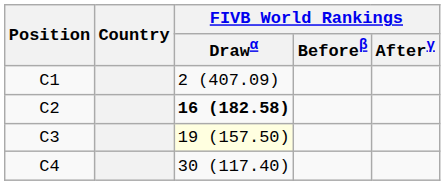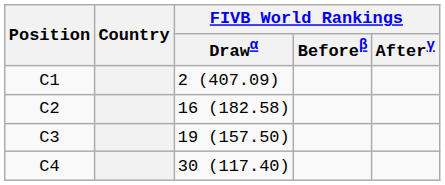 <table class="wikitable sortable plainrowheaders sticky-header col3right col4center col5center col6center" style="font-size:90%; white-space:nowrap">
 <tr>
 <th rowspan=2>Position</th>
 <th rowspan=2>Country</th>
 <th colspan=3><a href='#'>FIVB World Rankings</a></th>
 </tr>
 <tr>
 <th>Draw<sup><strong><a href='#'>α</a></strong></sup></th>
 <th>Before<sup><strong><a href='#'>β</a></strong></sup></th>
 <th>After<sup><strong><a href='#'>γ</a></strong></sup></th>
 </tr>
 <tr>
 <td style="text-align:center">C1</td>
 <th scope="row"></th>
 <td>2 (407.09)</td>
 <td></td>
 <td></td>
 </tr>
 <tr>
 <td style="text-align:center">C2</td>
 <th scope="row"></th>
-<td><strong>16 (182.58)</strong></td>
+<td>16 (182.58)</td>
 <td></td>
 <td></td>
 </tr>
 <tr>
 <td style="text-align:center">C3</td>
 <th scope="row"></th>
-<td style="background: lightyellow;">19 (157.50)</td>
+<td>19 (157.50)</td>
 <td></td>
 <td></td>
 </tr>
 <tr>
 <td style="text-align:center">C4</td>
 <th scope="row"></th>
 <td>30 (117.40)</td>
 <td></td>
 <td></td>
 </tr>
 </table>
